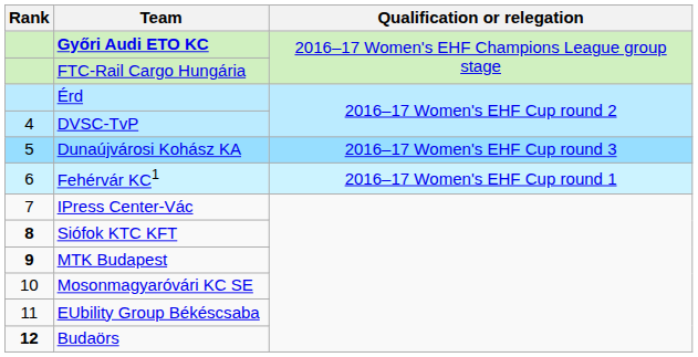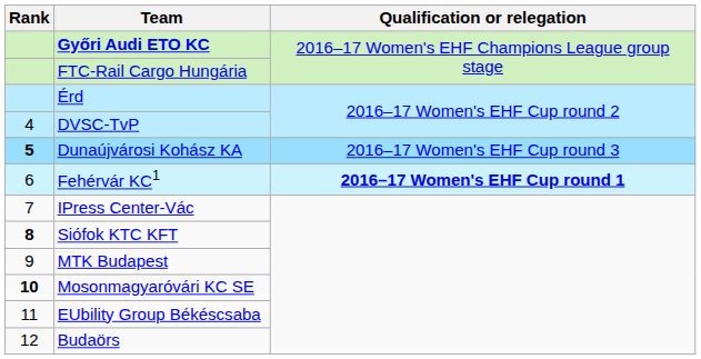 <table class="wikitable">
 <tr>
 <th>Rank</th>
 <th width="200">Team</th>
 <th width="400">Qualification or relegation</th>
 </tr>
 <tr>
 <td align="center" bgcolor=#D0F0C0></td>
 <td align="left" bgcolor=#D0F0C0> <strong><a href='#'>Győri Audi ETO KC</a></strong></td>
 <td align="center" rowspan="2" bgcolor=#D0F0C0><a href='#'>2016–17 Women's EHF Champions League group stage</a></td>
 </tr>
 <tr>
 <td align="center" bgcolor=#D0F0C0></td>
 <td align="left" bgcolor=#D0F0C0> <a href='#'>FTC-Rail Cargo Hungária</a></td>
 </tr>
 <tr>
 <td align="center" bgcolor=#BBEBFF></td>
 <td align="left" bgcolor=#BBEBFF> <a href='#'>Érd</a></td>
 <td align="center" rowspan="2" bgcolor=#BBEBFF><a href='#'>2016–17 Women's EHF Cup round 2</a></td>
 </tr>
 <tr>
 <td align="center" bgcolor=#BBEBFF>4</td>
 <td align="left" bgcolor=#BBEBFF> <a href='#'>DVSC-TvP</a></td>
 </tr>
 <tr>
-<td align="center" bgcolor=#97DEFF>5</td>
+<td align="center" bgcolor=#97DEFF><strong>5</strong></td>
 <td align="left" bgcolor=#97DEFF> <a href='#'>Dunaújvárosi Kohász KA</a></td>
 <td align="center" bgcolor=#97DEFF><a href='#'>2016–17 Women's EHF Cup round 3</a></td>
 </tr>
 <tr>
 <td align="center" bgcolor=#CCF3FF>6</td>
 <td align="left" bgcolor=#CCF3FF> <a href='#'>Fehérvár KC</a><sup>1</sup></td>
-<td align="center" bgcolor=#CCF3FF><a href='#'>2016–17 Women's EHF Cup round 1</a></td>
+<td align="center" bgcolor=#CCF3FF><strong><a href='#'>2016–17 Women's EHF Cup round 1</a></strong></td>
 </tr>
 <tr>
 <td align="center" bgcolor=>7</td>
 <td align="left" bgcolor=> <a href='#'>IPress Center-Vác</a></td>
 </tr>
 <tr>
 <td align="center" bgcolor=><strong>8</strong></td>
 <td align="left" bgcolor=> <a href='#'>Siófok KTC KFT</a></td>
 </tr>
 <tr>
-<td align="center" bgcolor=><strong>9</strong></td>
+<td align="center" bgcolor=>9</td>
 <td align="left" bgcolor=> <a href='#'>MTK Budapest</a></td>
 </tr>
 <tr>
-<td align="center" bgcolor=>10</td>
+<td align="center" bgcolor=><strong>10</strong></td>
 <td align="left" bgcolor=> <a href='#'>Mosonmagyaróvári KC SE</a></td>
 </tr>
 <tr>
 <td align="center" bgcolor=>11</td>
 <td align="left" bgcolor=> <a href='#'>EUbility Group Békéscsaba</a></td>
 </tr>
 <tr>
-<td align="center" bgcolor=><strong>12</strong></td>
+<td align="center" bgcolor=>12</td>
 <td align="left" bgcolor=> <a href='#'>Budaörs</a></td>
 </tr>
 </table>
